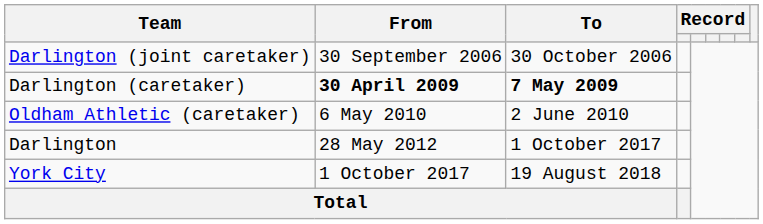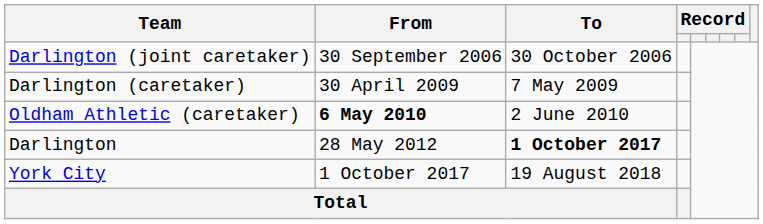 <table class=wikitable style=text-align:center>
 <tr>
 <th rowspan=2>Team</th>
 <th rowspan=2>From</th>
 <th rowspan=2>To</th>
 <th colspan=5>Record</th>
 <th rowspan=2></th>
 </tr>
 <tr>
 <th></th>
 <th></th>
 <th></th>
 <th></th>
 <th></th>
 </tr>
 <tr>
 <td align=left><a href='#'>Darlington</a> (joint caretaker)</td>
 <td align=left>30 September 2006</td>
 <td align=left>30 October 2006<br></td>
 <td></td>
 </tr>
 <tr>
 <td align=left>Darlington (caretaker)</td>
-<td align=left><strong>30 April 2009</strong></td>
-<td align=left><strong>7 May 2009<br></strong></td>
+<td align=left>30 April 2009</td>
+<td align=left>7 May 2009<br></td>
 <td></td>
 </tr>
 <tr>
 <td align=left><a href='#'>Oldham Athletic</a> (caretaker)</td>
-<td align=left>6 May 2010</td>
+<td align=left><strong>6 May 2010</strong></td>
 <td align=left>2 June 2010<br></td>
 <td></td>
 </tr>
 <tr>
 <td align=left>Darlington</td>
 <td align=left>28 May 2012</td>
-<td align=left>1 October 2017<br></td>
+<td align=left><strong>1 October 2017<br></strong></td>
 <td></td>
 </tr>
 <tr>
 <td align=left><a href='#'>York City</a></td>
 <td align=left>1 October 2017</td>
 <td align=left>19 August 2018<br></td>
 <td></td>
 </tr>
 <tr>
 <th colspan=3>Total<br></th>
 <th></th>
 </tr>
 </table>
